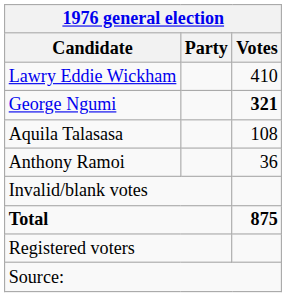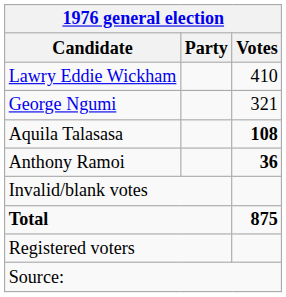 <table class=wikitable style=text-align:left>
 <tr>
 <th colspan=3><a href='#'>1976 general election</a></th>
 </tr>
 <tr>
 <th>Candidate</th>
 <th>Party</th>
 <th>Votes</th>
 </tr>
 <tr>
 <td><a href='#'>Lawry Eddie Wickham</a></td>
 <td></td>
 <td align=right>410</td>
 </tr>
 <tr>
 <td><a href='#'>George Ngumi</a></td>
 <td></td>
-<td align=right><strong>321</strong></td>
+<td align=right>321</td>
 </tr>
 <tr>
 <td>Aquila Talasasa</td>
 <td></td>
-<td align=right>108</td>
+<td align=right><strong>108</strong></td>
 </tr>
 <tr>
 <td>Anthony Ramoi</td>
 <td></td>
-<td align=right>36</td>
+<td align=right><strong>36</strong></td>
 </tr>
 <tr>
 <td colspan=2>Invalid/blank votes</td>
 <td></td>
 </tr>
 <tr>
 <td colspan=2><strong>Total</strong></td>
 <td align=right><strong>875</strong></td>
 </tr>
 <tr>
 <td colspan=2>Registered voters</td>
 <td align=right></td>
 </tr>
 <tr>
 <td colspan=3>Source: </td>
 </tr>
 </table>
